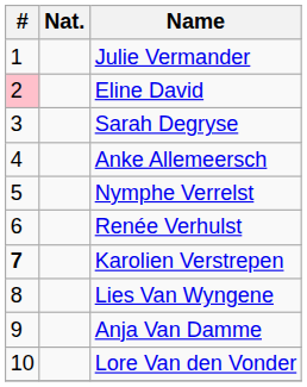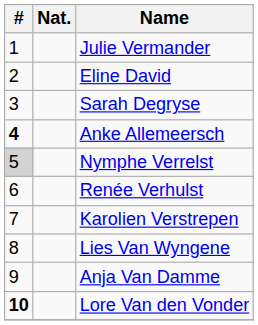 <table class="wikitable">
 <tr>
 <th>#</th>
 <th>Nat.</th>
 <th>Name</th>
 </tr>
 <tr>
 <td>1</td>
 <td></td>
 <td><a href='#'>Julie Vermander</a></td>
 </tr>
 <tr>
-<td style="background: pink;">2</td>
+<td>2</td>
 <td></td>
 <td><a href='#'>Eline David</a></td>
 </tr>
 <tr>
 <td>3</td>
 <td></td>
 <td><a href='#'>Sarah Degryse</a></td>
 </tr>
 <tr>
-<td>4</td>
+<td><strong>4</strong></td>
 <td></td>
 <td><a href='#'>Anke Allemeersch</a></td>
 </tr>
 <tr>
-<td>5</td>
+<td style="background: lightgrey;">5</td>
 <td></td>
 <td><a href='#'>Nymphe Verrelst</a></td>
 </tr>
 <tr>
 <td>6</td>
 <td></td>
 <td><a href='#'>Renée Verhulst</a></td>
 </tr>
 <tr>
-<td><strong>7</strong></td>
+<td>7</td>
 <td></td>
 <td><a href='#'>Karolien Verstrepen</a></td>
 </tr>
 <tr>
 <td>8</td>
 <td></td>
 <td><a href='#'>Lies Van Wyngene</a></td>
 </tr>
 <tr>
 <td>9</td>
 <td></td>
 <td><a href='#'>Anja Van Damme</a></td>
 </tr>
 <tr>
-<td>10</td>
+<td><strong>10</strong></td>
 <td></td>
 <td><a href='#'>Lore Van den Vonder</a></td>
 </tr>
 <tr>
 </tr>
 </table>
